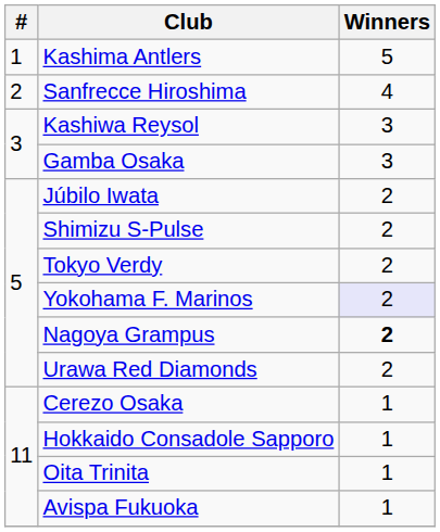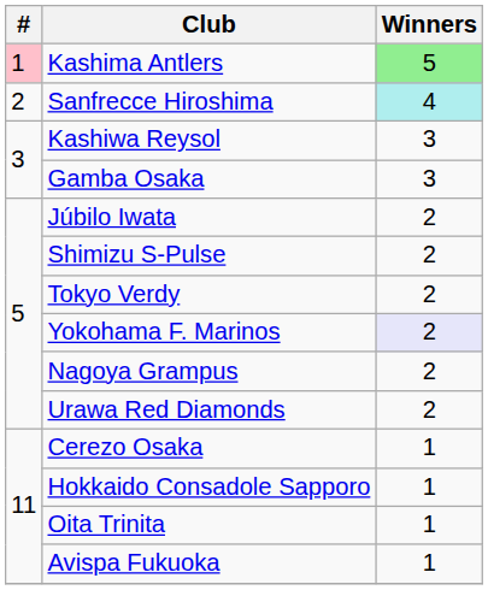 <table class="wikitable">
 <tr>
 <th>#</th>
 <th>Club</th>
 <th>Winners</th>
 </tr>
 <tr>
-<td>1</td>
+<td style="background: pink;">1</td>
 <td><a href='#'>Kashima Antlers</a></td>
-<td align="center">5</td>
+<td align="center" style="background: lightgreen;">5</td>
 </tr>
 <tr>
 <td>2</td>
 <td><a href='#'>Sanfrecce Hiroshima</a></td>
-<td align="center">4</td>
+<td align="center" style="background: paleturquoise;">4</td>
 </tr>
 <tr>
 <td rowspan="2">3</td>
 <td><a href='#'>Kashiwa Reysol</a></td>
 <td align="center">3</td>
 </tr>
 <tr>
 <td><a href='#'>Gamba Osaka</a></td>
 <td align="center">3</td>
 </tr>
 <tr>
 <td rowspan="6">5</td>
 <td><a href='#'>Júbilo Iwata</a></td>
 <td align="center">2</td>
 </tr>
 <tr>
 <td><a href='#'>Shimizu S-Pulse</a></td>
 <td align="center">2</td>
 </tr>
 <tr>
 <td><a href='#'>Tokyo Verdy</a></td>
 <td align="center">2</td>
 </tr>
 <tr>
 <td><a href='#'>Yokohama F. Marinos</a></td>
 <td align="center" style="background: lavender;">2</td>
 </tr>
 <tr>
 <td><a href='#'>Nagoya Grampus</a></td>
-<td align="center"><strong>2</strong></td>
+<td align="center">2</td>
 </tr>
 <tr>
 <td><a href='#'>Urawa Red Diamonds</a></td>
 <td align="center">2</td>
 </tr>
 <tr>
 <td rowspan="4">11</td>
 <td><a href='#'>Cerezo Osaka</a></td>
 <td align="center">1</td>
 </tr>
 <tr>
 <td><a href='#'>Hokkaido Consadole Sapporo</a></td>
 <td align="center">1</td>
 </tr>
 <tr>
 <td><a href='#'>Oita Trinita</a></td>
 <td align="center">1</td>
 </tr>
 <tr>
 <td><a href='#'>Avispa Fukuoka</a></td>
 <td align="center">1</td>
 </tr>
 <tr>
 </tr>
 </table>
